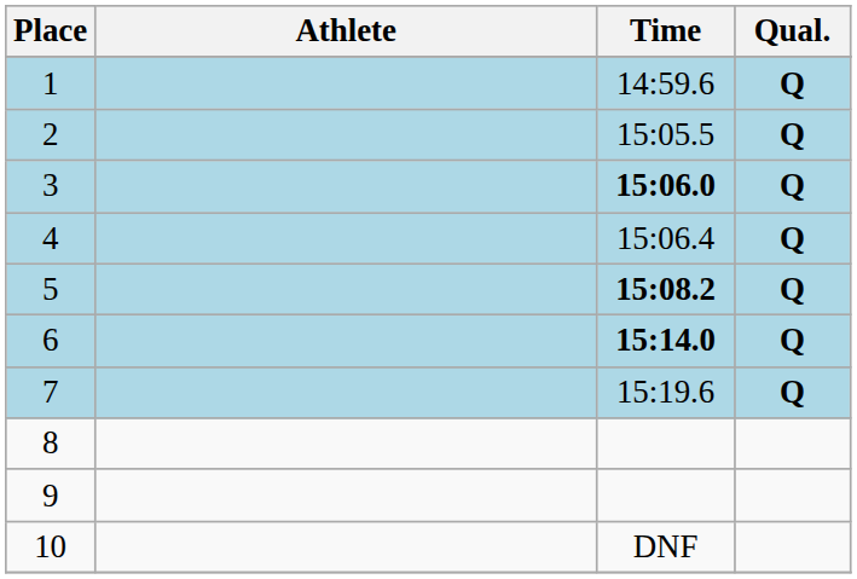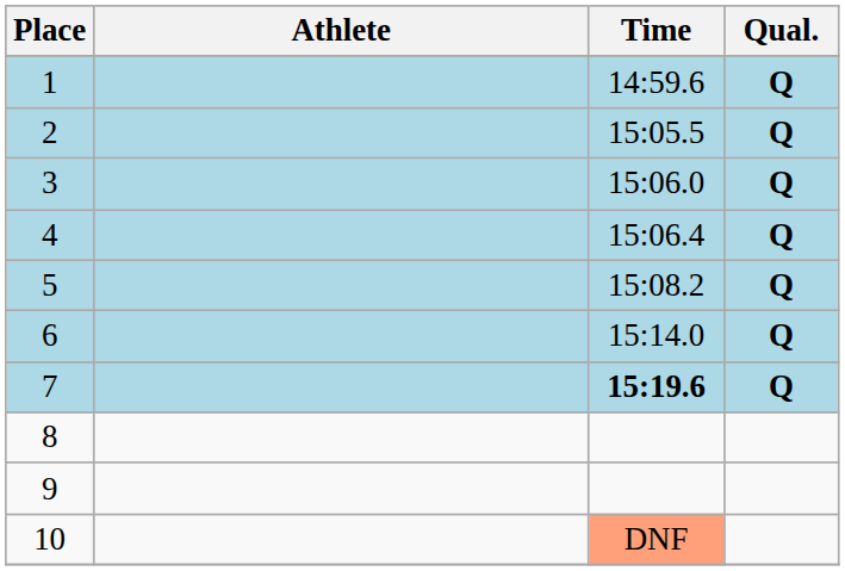 <table class=wikitable style="text-align:center">
 <tr>
 <th width=20>Place</th>
 <th width=240>Athlete</th>
 <th width=60>Time</th>
 <th width=50>Qual.</th>
 </tr>
 <tr>
 </tr>
 <tr bgcolor=lightblue>
 <td>1</td>
 <td align=left></td>
 <td>14:59.6</td>
 <td><strong>Q</strong></td>
 </tr>
 <tr bgcolor=lightblue>
 <td>2</td>
 <td align=left></td>
 <td>15:05.5</td>
 <td><strong>Q</strong></td>
 </tr>
 <tr bgcolor=lightblue>
 <td>3</td>
 <td align=left></td>
-<td><strong>15:06.0</strong></td>
+<td>15:06.0</td>
 <td><strong>Q</strong></td>
 </tr>
 <tr bgcolor=lightblue>
 <td>4</td>
 <td align=left></td>
 <td>15:06.4</td>
 <td><strong>Q</strong></td>
 </tr>
 <tr bgcolor=lightblue>
 <td>5</td>
 <td align=left></td>
-<td><strong>15:08.2</strong></td>
+<td>15:08.2</td>
 <td><strong>Q</strong></td>
 </tr>
 <tr bgcolor=lightblue>
 <td>6</td>
 <td align=left></td>
-<td><strong>15:14.0</strong></td>
+<td>15:14.0</td>
 <td><strong>Q</strong></td>
 </tr>
 <tr bgcolor=lightblue>
 <td>7</td>
 <td align=left></td>
-<td>15:19.6</td>
+<td><strong>15:19.6</strong></td>
 <td><strong>Q</strong></td>
 </tr>
 <tr>
 <td>8</td>
 <td align=left></td>
 <td></td>
 <td></td>
 </tr>
 <tr>
 <td>9</td>
 <td align=left></td>
 <td></td>
 <td></td>
 </tr>
 <tr>
 <td>10</td>
 <td align=left></td>
-<td>DNF</td>
+<td style="background: lightsalmon;">DNF</td>
 <td></td>
 </tr>
 <tr>
 </tr>
 </table>
